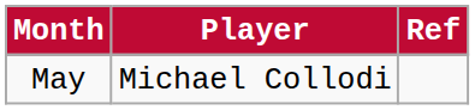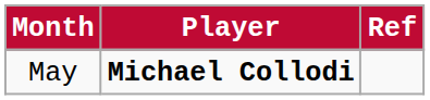 <table class=wikitable>
 <tr>
 <th style="background-color:#BF0A34; color:#FFFFFF">Month</th>
 <th style="background-color:#BF0A34; color:#FFFFFF">Player</th>
 <th style="background-color:#BF0A34; color:#FFFFFF">Ref</th>
 </tr>
 <tr>
 </tr>
 <tr>
 <td align=center>May</td>
-<td> Michael Collodi</td>
+<td><strong> Michael Collodi</strong></td>
 <td align=center></td>
 </tr>
 </table>
